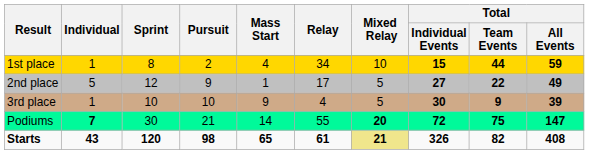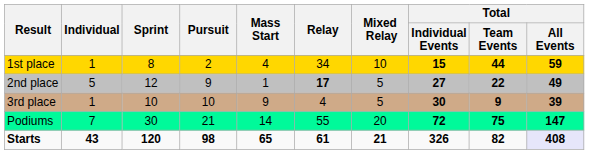 <table class="wikitable" style="text-align: center;">
 <tr>
 <th style="width:70px;" rowspan="2">Result</th>
 <th style="width:70px;" rowspan="2">Individual</th>
 <th style="width:70px;" rowspan="2">Sprint</th>
 <th style="width:70px;" rowspan="2">Pursuit</th>
 <th style="width:70px;" rowspan="2">Mass Start</th>
 <th style="width:70px;" rowspan="2">Relay</th>
 <th style="width:70px;" rowspan="2">Mixed<br> Relay</th>
 <th style="width:70px;" colspan="3">Total</th>
 </tr>
 <tr>
 <th style="width:70px;">Individual Events</th>
 <th style="width:70px;">Team Events</th>
 <th style="width:70px;">All Events</th>
 </tr>
 <tr style="background:gold;">
 <td align=left>1st place</td>
 <td>1</td>
 <td>8</td>
 <td>2</td>
 <td>4</td>
 <td>34</td>
 <td>10</td>
 <td><strong>15</strong></td>
 <td><strong>44</strong></td>
 <td><strong>59</strong></td>
 </tr>
 <tr style="background:silver;">
 <td align=left>2nd place</td>
 <td>5</td>
 <td>12</td>
 <td>9</td>
 <td>1</td>
-<td>17</td>
+<td><strong>17</strong></td>
 <td>5</td>
 <td><strong>27</strong></td>
 <td><strong>22</strong></td>
 <td><strong>49</strong></td>
 </tr>
 <tr style="background:#cfaa88;">
 <td align=left>3rd place</td>
 <td>1</td>
 <td>10</td>
 <td>10</td>
 <td>9</td>
 <td>4</td>
 <td>5</td>
 <td><strong>30</strong></td>
 <td><strong>9</strong></td>
 <td><strong>39</strong></td>
 </tr>
 <tr style="background:#00FA9A;">
 <td align=left>Podiums</td>
-<td><strong>7</strong></td>
+<td>7</td>
 <td>30</td>
 <td>21</td>
 <td>14</td>
 <td>55</td>
-<td><strong>20</strong></td>
+<td>20</td>
 <td><strong>72</strong></td>
 <td><strong>75</strong></td>
 <td><strong>147</strong></td>
 </tr>
 <tr>
 <td align=left><strong>Starts</strong></td>
 <td><strong>43</strong></td>
 <td><strong>120</strong></td>
 <td><strong>98</strong></td>
 <td><strong>65</strong></td>
 <td><strong>61</strong></td>
-<td style="background: khaki;"><strong>21</strong></td>
+<td><strong>21</strong></td>
 <td><strong>326</strong></td>
 <td><strong>82</strong></td>
-<td><strong>408</strong></td>
+<td style="background: lavender;"><strong>408</strong></td>
 </tr>
 </table>
